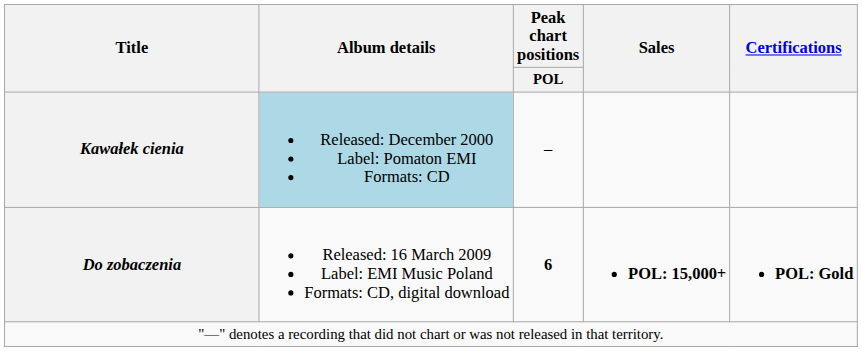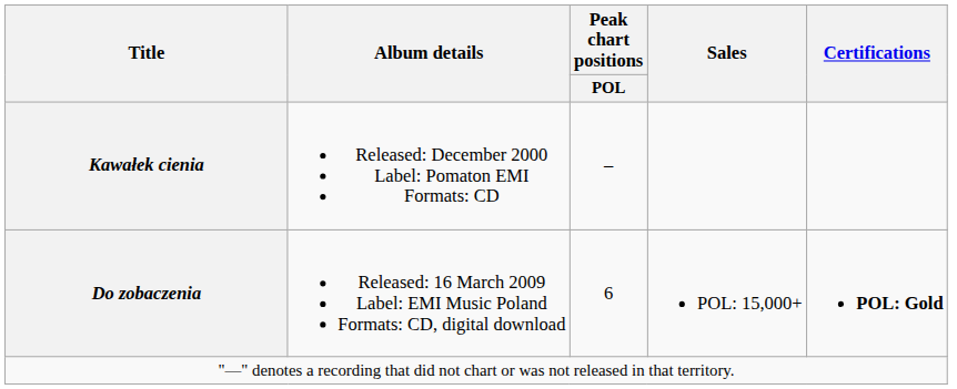 <table class="wikitable plainrowheaders" style="text-align:center;">
 <tr>
 <th scope="col" rowspan="2" style="width:15em;">Title</th>
 <th scope="col" rowspan="2">Album details</th>
 <th scope="col" colspan="1">Peak chart positions</th>
 <th scope="col" rowspan="2">Sales</th>
 <th scope="col" rowspan="2"><a href='#'>Certifications</a></th>
 </tr>
 <tr>
 <th scope="col" style="width:3em;font-size:90%;">POL<br></th>
 </tr>
 <tr>
 <th scope="row"><em>Kawałek cienia</em></th>
-<td style="background: lightblue;"><br><ul><li>Released: December 2000</li><li>Label: Pomaton EMI</li><li>Formats: CD</li></ul></td>
+<td><br><ul><li>Released: December 2000</li><li>Label: Pomaton EMI</li><li>Formats: CD</li></ul></td>
 <td>–</td>
 <td></td>
 <td></td>
 </tr>
 <tr>
 <th scope="row"><em>Do zobaczenia</em></th>
 <td><br><ul><li>Released: 16 March 2009</li><li>Label: EMI Music Poland</li><li>Formats: CD, digital download</li></ul></td>
-<td><strong>6</strong></td>
-<td><strong><br><ul><li>POL: 15,000+</li></ul></strong></td>
+<td>6</td>
+<td><br><ul><li>POL: 15,000+</li></ul></td>
 <td><strong><br><ul><li>POL: Gold</li></ul></strong></td>
 </tr>
 <tr>
 <td colspan="20" style="font-size:90%">"—" denotes a recording that did not chart or was not released in that territory.</td>
 </tr>
 </table>
